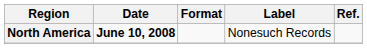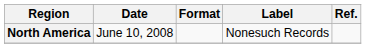 <table class="wikitable plainrowheaders">
 <tr>
 <th scope="col">Region</th>
 <th scope="col">Date</th>
 <th scope="col">Format</th>
 <th scope="col">Label</th>
 <th scope="col">Ref.</th>
 </tr>
 <tr>
 <th scope="row">North America</th>
-<td><strong>June 10, 2008</strong></td>
+<td>June 10, 2008</td>
 <td></td>
 <td>Nonesuch Records</td>
 <td></td>
 </tr>
 <tr>
 </tr>
 </table>
